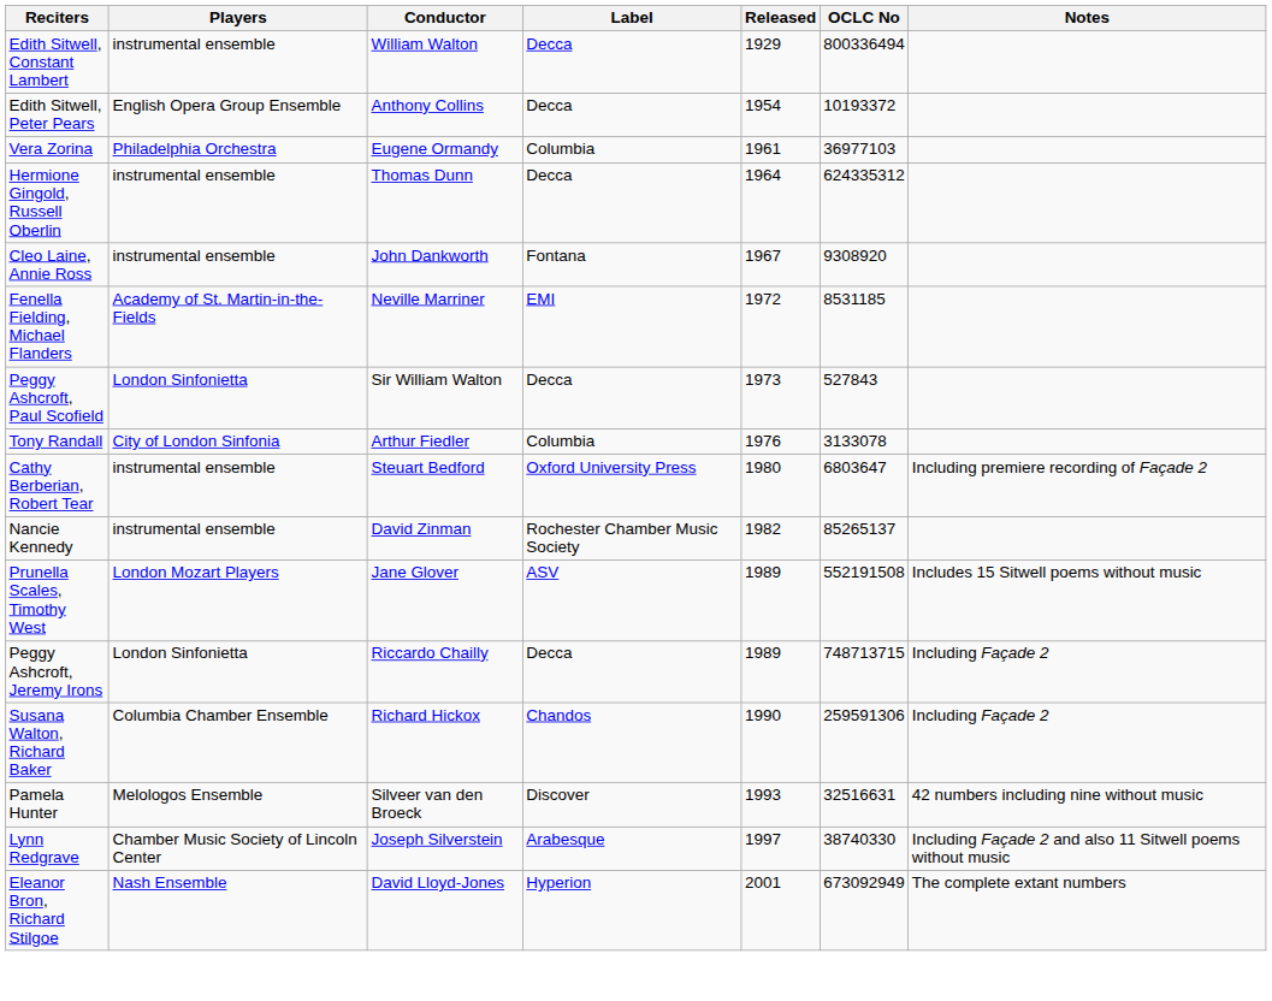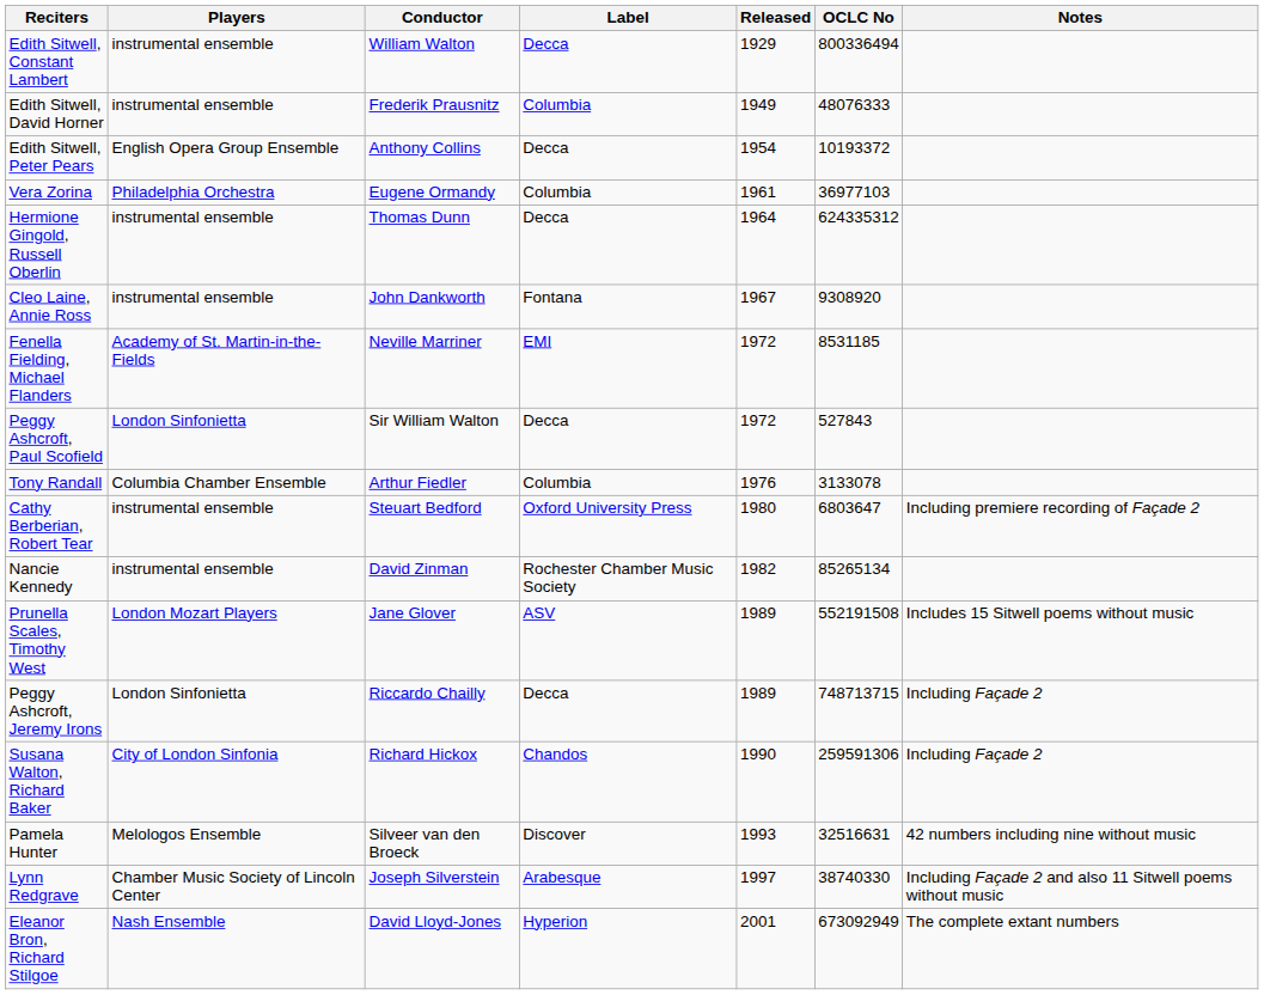 <table class="sortable wikitable" style="margins:auto; width=95%;">
 <tr>
 <th width="95">Reciters</th>
 <th width"75">Players</th>
 <th>Conductor</th>
 <th>Label</th>
 <th>Released</th>
 <th>OCLC No</th>
 <th>Notes</th>
 </tr>
 <tr valign="top">
 <td><a href='#'>Edith Sitwell</a>,<br><a href='#'>Constant Lambert</a></td>
 <td>instrumental ensemble</td>
 <td><a href='#'>William Walton</a></td>
 <td><a href='#'>Decca</a></td>
 <td>1929</td>
 <td>800336494</td>
+<td></td>
+</tr>
+<tr valign="top">
+<td>Edith Sitwell,<br> David Horner</td>
+<td>instrumental ensemble</td>
+<td><a href='#'>Frederik Prausnitz</a></td>
+<td><a href='#'>Columbia</a></td>
+<td>1949</td>
+<td>48076333</td>
 <td></td>
 </tr>
 <tr valign="top">
 <td>Edith Sitwell,<br><a href='#'>Peter Pears</a></td>
 <td>English Opera Group Ensemble</td>
 <td><a href='#'>Anthony Collins</a></td>
 <td>Decca</td>
 <td>1954</td>
 <td>10193372</td>
 <td></td>
 </tr>
 <tr valign="top">
 <td><a href='#'>Vera Zorina</a></td>
 <td><a href='#'>Philadelphia Orchestra</a></td>
 <td><a href='#'>Eugene Ormandy</a></td>
 <td>Columbia</td>
 <td>1961</td>
 <td>36977103</td>
 <td></td>
 </tr>
 <tr valign="top">
 <td><a href='#'>Hermione Gingold</a>,<br> <a href='#'>Russell Oberlin</a></td>
 <td>instrumental ensemble</td>
 <td><a href='#'>Thomas Dunn</a></td>
 <td>Decca</td>
 <td>1964</td>
 <td>624335312</td>
 <td></td>
 </tr>
 <tr valign="top">
 <td><a href='#'>Cleo Laine</a>,<br> <a href='#'>Annie Ross</a></td>
 <td>instrumental ensemble</td>
 <td><a href='#'>John Dankworth</a></td>
 <td>Fontana</td>
 <td>1967</td>
 <td>9308920</td>
 <td></td>
 </tr>
 <tr valign="top">
 <td><a href='#'>Fenella Fielding</a>,<br> <a href='#'>Michael Flanders</a></td>
 <td><a href='#'>Academy of St. Martin-in-the-Fields</a></td>
 <td><a href='#'>Neville Marriner</a></td>
 <td><a href='#'>EMI</a></td>
 <td>1972</td>
 <td>8531185</td>
 <td></td>
 </tr>
 <tr valign="top">
 <td><a href='#'>Peggy Ashcroft</a>,<br> <a href='#'>Paul Scofield</a></td>
 <td><a href='#'>London Sinfonietta</a></td>
 <td>Sir William Walton</td>
 <td>Decca</td>
-<td>1973</td>
+<td>1972</td>
 <td>527843</td>
 <td></td>
 </tr>
 <tr valign="top">
 <td><a href='#'>Tony Randall</a></td>
-<td><a href='#'>City of London Sinfonia</a></td>
+<td>Columbia Chamber Ensemble</td>
 <td><a href='#'>Arthur Fiedler</a></td>
 <td>Columbia</td>
 <td>1976</td>
 <td>3133078</td>
 <td></td>
 </tr>
 <tr valign="top">
 <td><a href='#'>Cathy Berberian</a>,<br><a href='#'>Robert Tear</a></td>
 <td>instrumental ensemble</td>
 <td><a href='#'>Steuart Bedford</a></td>
 <td><a href='#'>Oxford University Press</a></td>
 <td>1980</td>
 <td>6803647</td>
 <td>Including premiere recording of <em>Façade 2</em></td>
 </tr>
 <tr valign="top">
 <td>Nancie Kennedy</td>
 <td>instrumental ensemble</td>
 <td><a href='#'>David Zinman</a></td>
 <td>Rochester Chamber Music Society</td>
 <td>1982</td>
-<td>85265137</td>
+<td>85265134</td>
 <td></td>
 </tr>
 <tr valign="top">
 <td><a href='#'>Prunella Scales</a>,<br> <a href='#'>Timothy West</a></td>
 <td><a href='#'>London Mozart Players</a></td>
 <td><a href='#'>Jane Glover</a></td>
 <td><a href='#'>ASV</a></td>
 <td>1989</td>
 <td>552191508</td>
 <td>Includes 15 Sitwell poems without music</td>
 </tr>
 <tr valign="top">
 <td>Peggy Ashcroft,<br> <a href='#'>Jeremy Irons</a></td>
 <td>London Sinfonietta</td>
 <td><a href='#'>Riccardo Chailly</a></td>
 <td>Decca</td>
 <td>1989</td>
 <td>748713715</td>
 <td>Including <em>Façade 2</em></td>
 </tr>
 <tr valign="top">
 <td><a href='#'>Susana Walton</a>,<br> <a href='#'>Richard Baker</a></td>
-<td>Columbia Chamber Ensemble</td>
+<td><a href='#'>City of London Sinfonia</a></td>
 <td><a href='#'>Richard Hickox</a></td>
 <td><a href='#'>Chandos</a></td>
 <td>1990</td>
 <td>259591306</td>
 <td>Including <em>Façade 2</em></td>
 </tr>
 <tr valign="top">
 <td>Pamela Hunter</td>
 <td>Melologos Ensemble</td>
 <td>Silveer van den Broeck</td>
 <td>Discover</td>
 <td>1993</td>
 <td>32516631</td>
 <td>42 numbers including nine without music</td>
 </tr>
 <tr valign="top">
 <td><a href='#'>Lynn Redgrave</a></td>
 <td>Chamber Music Society of Lincoln Center</td>
 <td><a href='#'>Joseph Silverstein</a></td>
 <td><a href='#'>Arabesque</a></td>
 <td>1997</td>
 <td>38740330</td>
 <td>Including <em>Façade 2</em> and also 11 Sitwell poems without music</td>
 </tr>
 <tr valign="top">
 <td><a href='#'>Eleanor Bron</a>,<br><a href='#'>Richard Stilgoe</a></td>
 <td><a href='#'>Nash Ensemble</a></td>
 <td><a href='#'>David Lloyd-Jones</a></td>
 <td><a href='#'>Hyperion</a></td>
 <td>2001</td>
 <td>673092949</td>
 <td>The complete extant numbers</td>
 </tr>
 </table>
